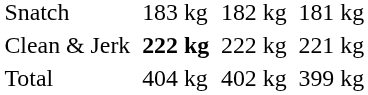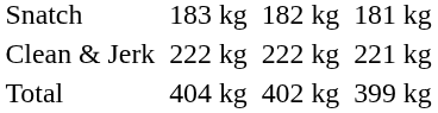 <table>
 <tr>
 <td>Snatch</td>
 <td></td>
 <td>183 kg</td>
 <td></td>
 <td>182 kg</td>
 <td></td>
 <td>181 kg</td>
 </tr>
 <tr>
 <td>Clean & Jerk</td>
 <td></td>
-<td><strong>222 kg</strong></td>
+<td>222 kg</td>
 <td></td>
 <td>222 kg</td>
 <td></td>
 <td>221 kg</td>
 </tr>
 <tr>
 <td>Total</td>
 <td></td>
 <td>404 kg</td>
 <td></td>
 <td>402 kg</td>
 <td></td>
 <td>399 kg</td>
 </tr>
 <tr>
 </tr>
 </table>
